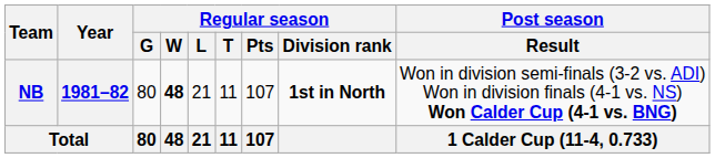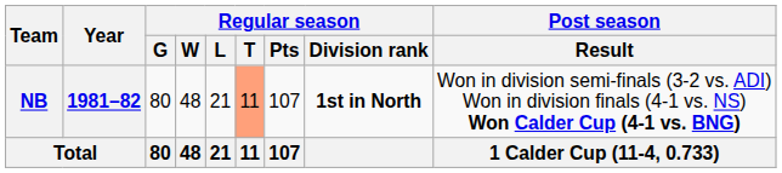 <table class="wikitable" style="font-size: 95%; text-align:center;">
 <tr>
 <th rowspan="2">Team</th>
 <th rowspan="2">Year</th>
 <th colspan="6"><a href='#'>Regular season</a></th>
 <th colspan="1"><a href='#'>Post season</a></th>
 </tr>
 <tr>
 <th>G</th>
 <th>W</th>
 <th>L</th>
 <th>T</th>
 <th>Pts</th>
 <th>Division rank</th>
 <th>Result</th>
 </tr>
 <tr>
 <th><a href='#'>NB</a></th>
 <th><a href='#'>1981–82</a></th>
 <td>80</td>
-<td><strong>48</strong></td>
+<td>48</td>
 <td>21</td>
-<td>11</td>
+<td style="background: lightsalmon;">11</td>
 <td>107</td>
 <td><strong>1st in North</strong></td>
 <td>Won in division semi-finals (3-2 vs. <a href='#'>ADI</a>) <br> Won in division finals (4-1 vs. <a href='#'>NS</a>) <br> <strong>Won <a href='#'>Calder Cup</a> (4-1 vs. <a href='#'>BNG</a>)</strong></td>
 </tr>
 <tr>
 <th colspan="2">Total</th>
 <th>80</th>
 <th>48</th>
 <th>21</th>
 <th>11</th>
 <th>107</th>
 <th></th>
 <th>1 Calder Cup (11-4, 0.733)</th>
 </tr>
 </table>
